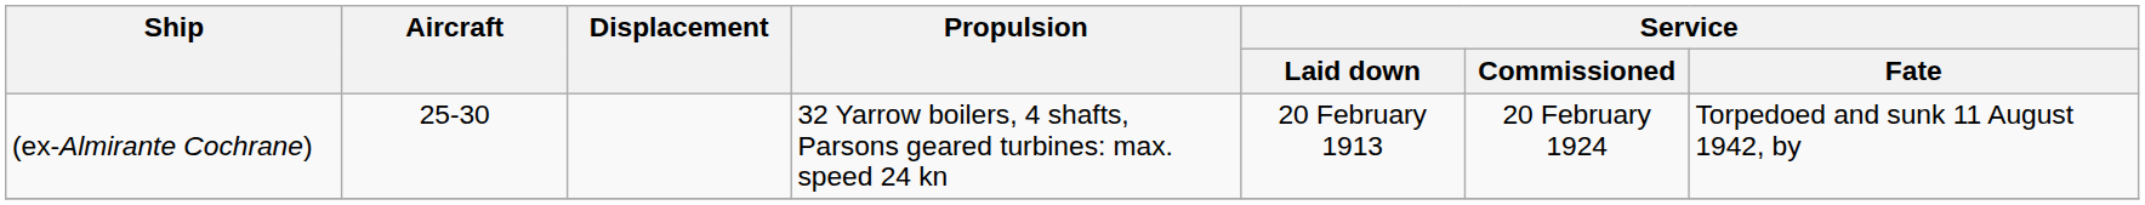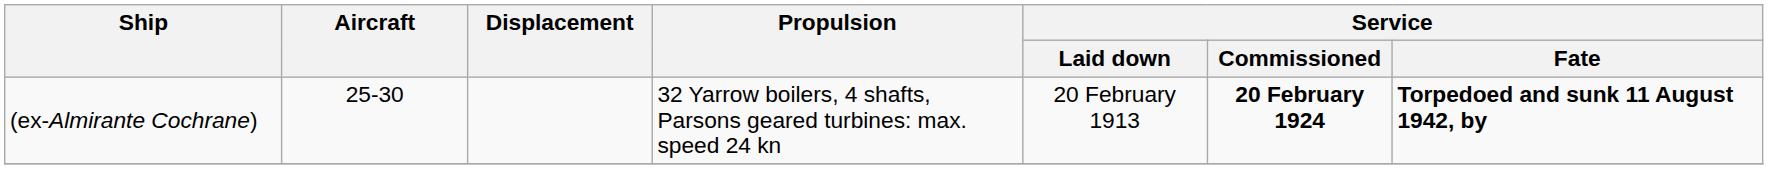 <table class="wikitable" style="width:98%;">
 <tr valign="top"|- valign="top">
 <th style="width:15%; text-align:center;" rowspan="2">Ship</th>
 <th style="width:10%; text-align:center;" rowspan="2">Aircraft</th>
 <th style="width:10%; text-align:center;" rowspan="2">Displacement</th>
 <th style="width:20%; text-align:center;" rowspan="2">Propulsion</th>
 <th style="width:40%; text-align:center;" colspan="3">Service</th>
 </tr>
 <tr valign="top">
 <th style="width:10%; text-align:center;">Laid down</th>
 <th style="width:10%; text-align:center;">Commissioned</th>
 <th style="width:20%; text-align:center;">Fate</th>
 </tr>
 <tr valign="top">
 <td align= left><br>(ex-<em>Almirante Cochrane</em>)</td>
 <td style="text-align:center;">25-30</td>
 <td style="text-align:center;"></td>
 <td align= left>32 Yarrow boilers, 4 shafts, Parsons geared turbines: max. speed 24 kn</td>
 <td style="text-align:center;">20 February 1913</td>
-<td style="text-align:center;">20 February 1924</td>
-<td align= left>Torpedoed and sunk 11 August 1942, by </td>
+<td style="text-align:center;"><strong>20 February 1924</strong></td>
+<td align= left><strong>Torpedoed and sunk 11 August 1942, by </strong></td>
 </tr>
 <tr valign="top">
 </tr>
 </table>
